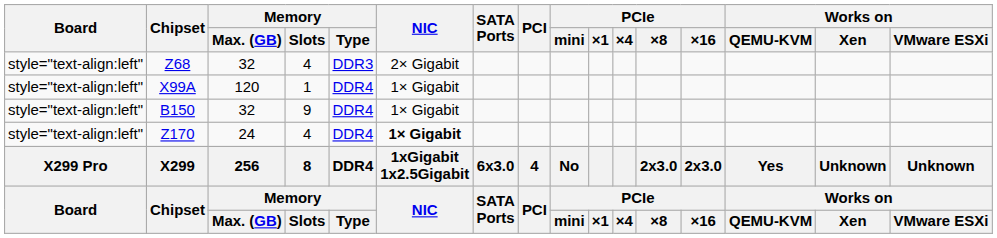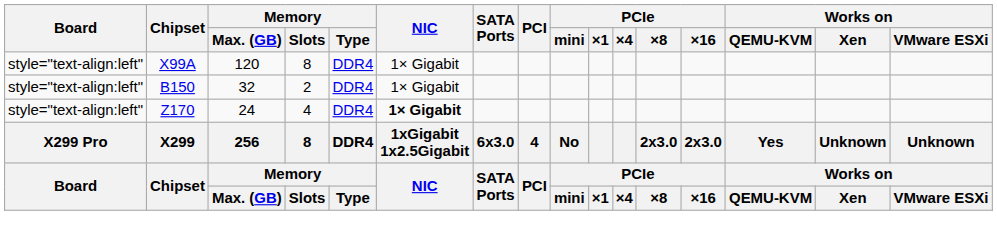 <table class="wikitable" style="font-size: 85%; text-align: center">
 <tr>
 <th rowspan=2>Board</th>
 <th rowspan=2>Chipset</th>
 <th colspan=3>Memory</th>
 <th rowspan=2><a href='#'>NIC</a></th>
 <th rowspan=2>SATA<br>Ports</th>
 <th rowspan=2>PCI</th>
 <th colspan=5>PCIe</th>
 <th colspan=3 style="text-align:center">Works on</th>
 </tr>
 <tr>
 <th>Max. (<a href='#'>GB</a>)</th>
 <th>Slots</th>
 <th>Type</th>
 <th>mini</th>
 <th>×1</th>
 <th>×4</th>
 <th>×8</th>
 <th>×16</th>
 <th>QEMU-KVM</th>
 <th>Xen</th>
 <th>VMware ESXi</th>
 </tr>
 <tr>
 <td>style="text-align:left" </td>
-<td><a href='#'>Z68</a></td>
-<td>32</td>
-<td>4</td>
-<td><a href='#'>DDR3</a></td>
-<td>2× Gigabit</td>
-<td></td>
-<td></td>
-<td></td>
-<td></td>
-<td></td>
-<td></td>
-<td></td>
-<td></td>
-<td></td>
-<td></td>
-</tr>
-<tr>
-<td>style="text-align:left" </td>
 <td><a href='#'>X99A</a></td>
 <td>120</td>
-<td>1</td>
+<td>8</td>
 <td><a href='#'>DDR4</a></td>
 <td>1× Gigabit</td>
 <td></td>
 <td></td>
 <td></td>
 <td></td>
 <td></td>
 <td></td>
 <td></td>
 <td></td>
 <td></td>
 <td></td>
 </tr>
 <tr>
 <td>style="text-align:left" </td>
 <td><a href='#'>B150</a></td>
 <td>32</td>
-<td>9</td>
+<td>2</td>
 <td><a href='#'>DDR4</a></td>
 <td>1× Gigabit</td>
 <td></td>
 <td></td>
 <td></td>
 <td></td>
 <td></td>
 <td></td>
 <td></td>
 <td></td>
 <td></td>
 <td></td>
 </tr>
 <tr>
 <td>style="text-align:left" </td>
 <td><a href='#'>Z170</a></td>
 <td>24</td>
 <td>4</td>
 <td><a href='#'>DDR4</a></td>
 <td><strong>1× Gigabit</strong></td>
 <td></td>
 <td></td>
 <td></td>
 <td></td>
 <td></td>
 <td></td>
 <td></td>
 <td></td>
 <td></td>
 <td></td>
 </tr>
 <tr>
 <th>X299 Pro</th>
 <th>X299</th>
 <th>256</th>
 <th>8</th>
 <th>DDR4</th>
 <th>1xGigabit<br>1x2.5Gigabit</th>
 <th>6x3.0</th>
 <th>4</th>
 <th>No</th>
 <th></th>
 <th></th>
 <th>2x3.0</th>
 <th>2x3.0</th>
 <th>Yes</th>
 <th>Unknown</th>
 <th>Unknown</th>
 </tr>
 <tr>
 <th rowspan=2>Board</th>
 <th rowspan=2>Chipset</th>
 <th colspan=3>Memory</th>
 <th rowspan=2><a href='#'>NIC</a></th>
 <th rowspan=2>SATA<br>Ports</th>
 <th rowspan=2>PCI</th>
 <th colspan=5>PCIe</th>
 <th colspan=3 style="text-align:center">Works on</th>
 </tr>
 <tr>
 <th>Max. (<a href='#'>GB</a>)</th>
 <th>Slots</th>
 <th>Type</th>
 <th>mini</th>
 <th>×1</th>
 <th>×4</th>
 <th>×8</th>
 <th>×16</th>
 <th>QEMU-KVM</th>
 <th>Xen</th>
 <th>VMware ESXi</th>
 </tr>
 </table>
